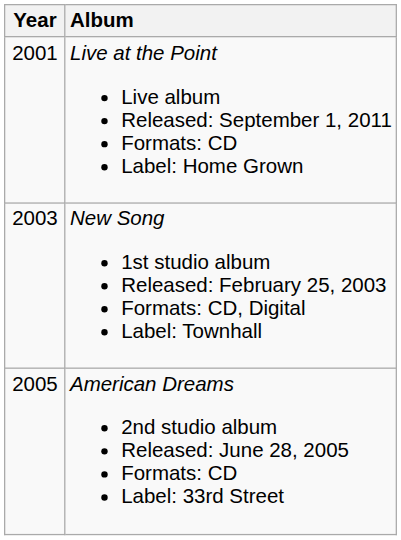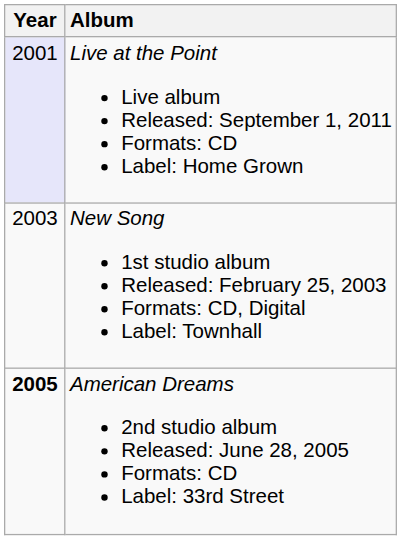 <table class="wikitable">
 <tr>
 <th style="vertical-align:top; text-align:center; width:40px;">Year</th>
 <th style="text-align:left; vertical-align:top;">Album</th>
 </tr>
 <tr>
-<td style="text-align:center; vertical-align:top;">2001</td>
+<td style="background: lavender; text-align:center; vertical-align:top;">2001</td>
 <td style="text-align:left; vertical-align:top;"><em>Live at the Point</em><br><div><ul><li>Live album</li><li>Released: September 1, 2011</li><li>Formats: CD</li><li>Label: Home Grown</div></li></ul></td>
 </tr>
 <tr>
 <td style="text-align:center; vertical-align:top;">2003</td>
 <td style="text-align:left; vertical-align:top;"><em>New Song</em><br><div><ul><li>1st studio album</li><li>Released: February 25, 2003</li><li>Formats: CD, Digital</li><li>Label: Townhall</div></li></ul></td>
 </tr>
 <tr>
-<td style="text-align:center; vertical-align:top;">2005</td>
+<td style="text-align:center; vertical-align:top;"><strong>2005</strong></td>
 <td style="text-align:left; vertical-align:top;"><em>American Dreams</em><br><div><ul><li>2nd studio album</li><li>Released: June 28, 2005</li><li>Formats: CD</li><li>Label: 33rd Street</div></li></ul></td>
 </tr>
 </table>
